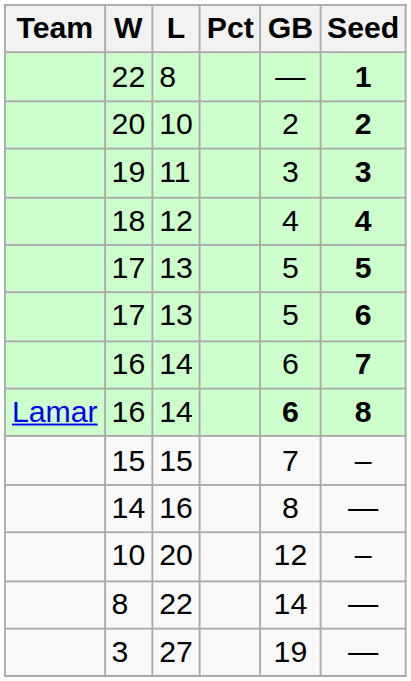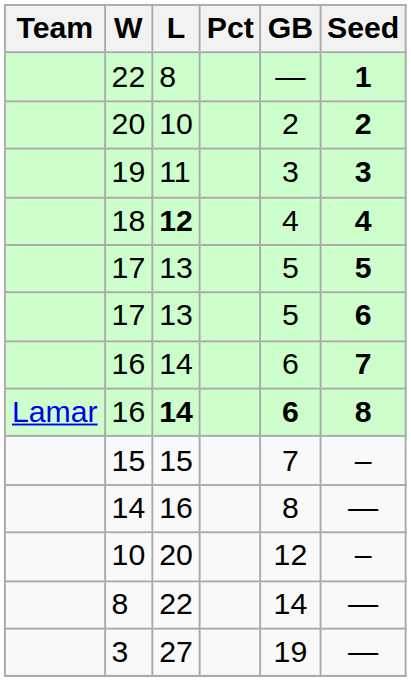 <table class=wikitable>
 <tr>
 <th>Team</th>
 <th>W</th>
 <th>L</th>
 <th>Pct</th>
 <th>GB</th>
 <th>Seed</th>
 </tr>
 <tr bgcolor=ccffcc>
 <td></td>
 <td>22</td>
 <td>8</td>
 <td></td>
 <td style="text-align:center;">—</td>
 <td style="text-align:center;"><strong>1</strong></td>
 </tr>
 <tr bgcolor=ccffcc>
 <td></td>
 <td>20</td>
 <td>10</td>
 <td></td>
 <td style="text-align:center;">2</td>
 <td style="text-align:center;"><strong>2</strong></td>
 </tr>
 <tr bgcolor=ccffcc>
 <td></td>
 <td>19</td>
 <td>11</td>
 <td></td>
 <td style="text-align:center;">3</td>
 <td style="text-align:center;"><strong>3</strong></td>
 </tr>
 <tr bgcolor=ccffcc>
 <td></td>
 <td>18</td>
-<td>12</td>
+<td><strong>12</strong></td>
 <td></td>
 <td style="text-align:center;">4</td>
 <td style="text-align:center;"><strong>4</strong></td>
 </tr>
 <tr bgcolor=ccffcc>
 <td></td>
 <td>17</td>
 <td>13</td>
 <td></td>
 <td style="text-align:center;">5</td>
 <td style="text-align:center;"><strong>5</strong></td>
 </tr>
 <tr bgcolor=ccffcc>
 <td></td>
 <td>17</td>
 <td>13</td>
 <td></td>
 <td style="text-align:center;">5</td>
 <td style="text-align:center;"><strong>6</strong></td>
 </tr>
 <tr bgcolor=ccffcc>
 <td></td>
 <td>16</td>
 <td>14</td>
 <td></td>
 <td style="text-align:center;">6</td>
 <td style="text-align:center;"><strong>7</strong></td>
 </tr>
 <tr bgcolor=ccffcc>
 <td><a href='#'>Lamar</a></td>
 <td>16</td>
-<td>14</td>
+<td><strong>14</strong></td>
 <td></td>
 <td style="text-align:center;"><strong>6</strong></td>
 <td style="text-align:center;"><strong>8</strong></td>
 </tr>
 <tr>
 <td></td>
 <td>15</td>
 <td>15</td>
 <td></td>
 <td style="text-align:center;">7</td>
 <td style="text-align:center;">–</td>
 </tr>
 <tr>
 <td></td>
 <td>14</td>
 <td>16</td>
 <td></td>
 <td style="text-align:center;">8</td>
 <td style="text-align:center;">—</td>
 </tr>
 <tr>
 <td></td>
 <td>10</td>
 <td>20</td>
 <td></td>
 <td style="text-align:center;">12</td>
 <td style="text-align:center;">–</td>
 </tr>
 <tr>
 <td></td>
 <td>8</td>
 <td>22</td>
 <td></td>
 <td style="text-align:center;">14</td>
 <td style="text-align:center;">—</td>
 </tr>
 <tr>
 <td></td>
 <td>3</td>
 <td>27</td>
 <td></td>
 <td style="text-align:center;">19</td>
 <td style="text-align:center;">—</td>
 </tr>
 <tr>
 </tr>
 </table>
